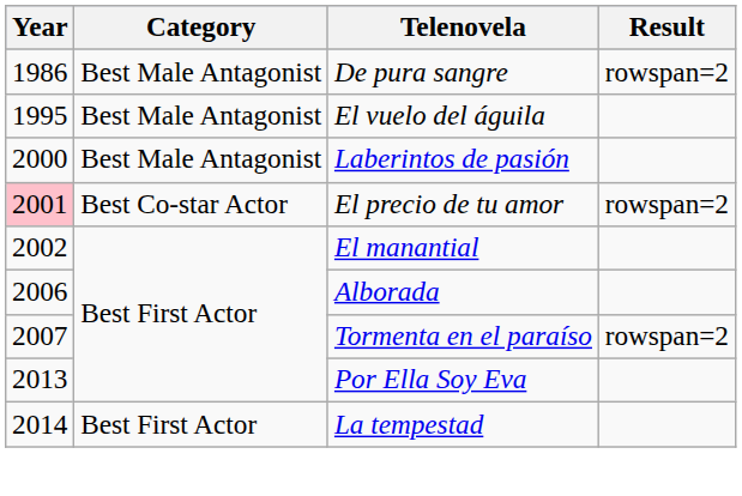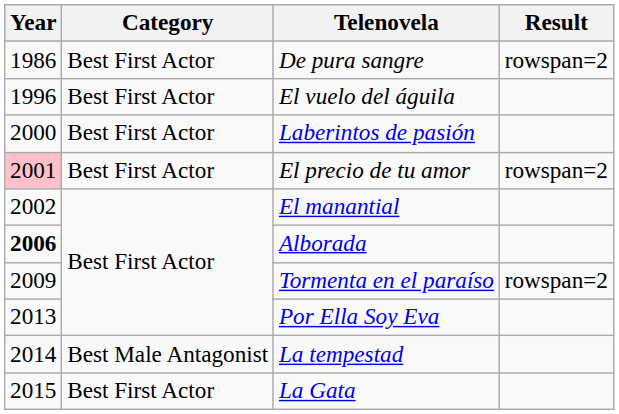 <table class="wikitable">
 <tr style="background:#b0c4de;">
 <th>Year</th>
 <th>Category</th>
 <th>Telenovela</th>
 <th>Result</th>
 </tr>
 <tr>
 <td>1986</td>
-<td>Best Male Antagonist</td>
+<td>Best First Actor</td>
 <td><em>De pura sangre</em></td>
 <td>rowspan=2 </td>
 </tr>
 <tr>
-<td>1995</td>
-<td>Best Male Antagonist</td>
+<td>1996</td>
+<td>Best First Actor</td>
 <td><em>El vuelo del águila</em></td>
 </tr>
 <tr>
 <td>2000</td>
-<td>Best Male Antagonist</td>
+<td>Best First Actor</td>
 <td><em><a href='#'>Laberintos de pasión</a></em></td>
 <td></td>
 </tr>
 <tr>
 <td style="background: pink;">2001</td>
-<td>Best Co-star Actor</td>
+<td>Best First Actor</td>
 <td><em>El precio de tu amor</em></td>
 <td>rowspan=2 </td>
 </tr>
 <tr>
 <td>2002</td>
 <td rowspan=4>Best First Actor</td>
 <td><em><a href='#'>El manantial</a> </em></td>
 </tr>
 <tr>
-<td>2006</td>
+<td><strong>2006</strong></td>
 <td><em> <a href='#'>Alborada</a></em></td>
 <td></td>
 </tr>
 <tr>
-<td>2007</td>
+<td>2009</td>
 <td><em><a href='#'>Tormenta en el paraíso</a></em></td>
 <td>rowspan=2 </td>
 </tr>
 <tr>
 <td>2013</td>
 <td><em><a href='#'>Por Ella Soy Eva</a></em></td>
 </tr>
 <tr>
 <td>2014</td>
-<td>Best First Actor</td>
+<td>Best Male Antagonist</td>
 <td><em><a href='#'>La tempestad</a> </em></td>
 <td></td>
 </tr>
+<tr>
+<td>2015</td>
+<td>Best First Actor</td>
+<td><em><a href='#'>La Gata</a> </em></td>
+<td></td>
+</tr>
 </table>
